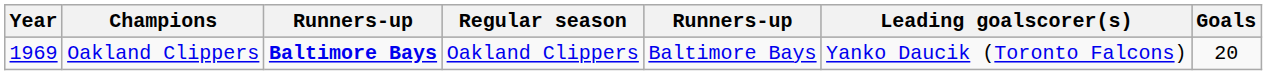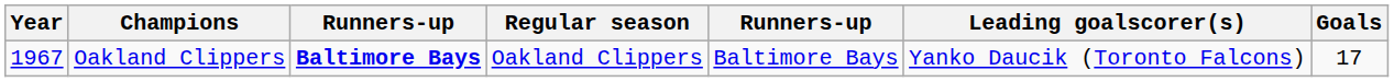 <table class="wikitable">
 <tr>
 <th>Year</th>
 <th>Champions</th>
 <th>Runners-up</th>
 <th>Regular season</th>
 <th>Runners-up</th>
 <th>Leading goalscorer(s)</th>
 <th>Goals</th>
 </tr>
 <tr>
-<td align=center><a href='#'>1969</a></td>
+<td align=center><a href='#'>1967</a></td>
 <td><a href='#'>Oakland Clippers</a></td>
 <td><strong><a href='#'>Baltimore Bays</a></strong></td>
 <td><a href='#'>Oakland Clippers</a></td>
 <td><a href='#'>Baltimore Bays</a></td>
 <td> <a href='#'>Yanko Daucik</a> (<a href='#'>Toronto Falcons</a>)</td>
-<td align=center>20</td>
+<td align=center>17</td>
 </tr>
 </table>
